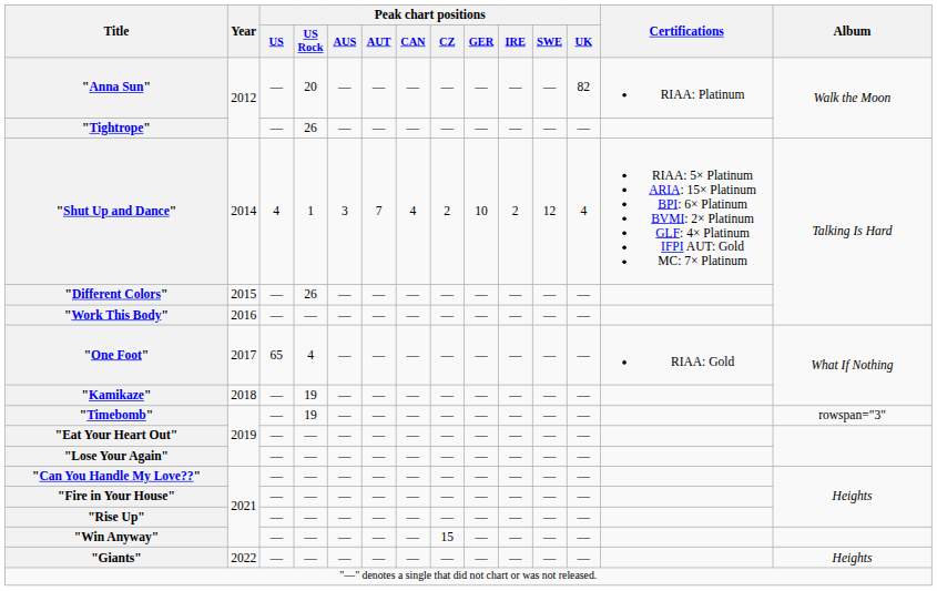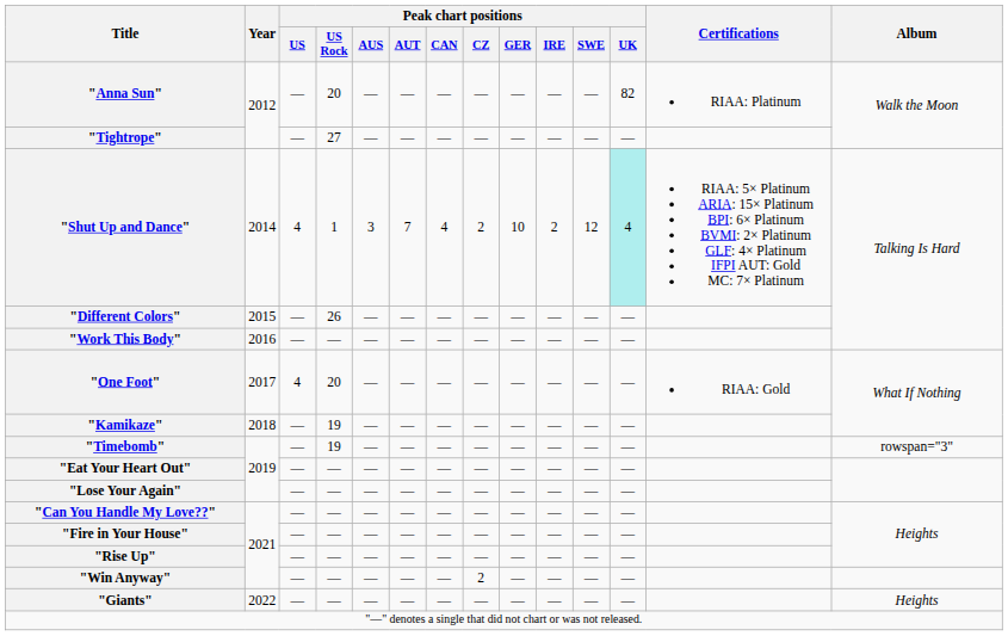 <table class="wikitable plainrowheaders" style="text-align:center;">
 <tr>
 <th scope="col" rowspan="2" style="width:17em;">Title</th>
 <th scope="col" rowspan="2" style="width:1em;">Year</th>
 <th scope="col" colspan="10">Peak chart positions</th>
 <th scope="col" rowspan="2" style="width:13em;"><a href='#'>Certifications</a></th>
 <th scope="col" rowspan="2" style="width:12em;">Album</th>
 </tr>
 <tr>
 <th scope="col" style="width:2.5em;font-size:90%;"><a href='#'>US</a><br></th>
 <th scope="col" style="width:2.5em;font-size:90%;"><a href='#'>US<br>Rock</a><br></th>
 <th scope="col" style="width:2.5em;font-size:90%;"><a href='#'>AUS</a><br></th>
 <th scope="col" style="width:2.5em;font-size:90%;"><a href='#'>AUT</a><br></th>
 <th scope="col" style="width:2.5em;font-size:90%;"><a href='#'>CAN</a><br></th>
 <th scope="col" style="width:2.5em;font-size:90%;"><a href='#'>CZ</a><br></th>
 <th scope="col" style="width:2.5em;font-size:90%;"><a href='#'>GER</a><br></th>
 <th scope="col" style="width:2.5em;font-size:90%;"><a href='#'>IRE</a><br></th>
 <th scope="col" style="width:2.5em;font-size:90%;"><a href='#'>SWE</a><br></th>
 <th scope="col" style="width:2.5em;font-size:90%;"><a href='#'>UK</a><br></th>
 </tr>
 <tr>
 <th scope="row">"<a href='#'>Anna Sun</a>"</th>
 <td rowspan="2">2012</td>
 <td>—</td>
 <td>20</td>
 <td>—</td>
 <td>—</td>
 <td>—</td>
 <td>—</td>
 <td>—</td>
 <td>—</td>
 <td>—</td>
 <td>82</td>
 <td><br><ul><li>RIAA: Platinum</li></ul></td>
 <td rowspan="2"><em>Walk the Moon</em></td>
 </tr>
 <tr>
 <th scope="row">"<a href='#'>Tightrope</a>"</th>
 <td>—</td>
-<td>26</td>
+<td>27</td>
 <td>—</td>
 <td>—</td>
 <td>—</td>
 <td>—</td>
 <td>—</td>
 <td>—</td>
 <td>—</td>
 <td>—</td>
 <td></td>
 </tr>
 <tr>
 <th scope="row">"<a href='#'>Shut Up and Dance</a>"</th>
 <td>2014</td>
 <td>4</td>
 <td>1</td>
 <td>3</td>
 <td>7</td>
 <td>4</td>
 <td>2</td>
 <td>10</td>
 <td>2</td>
 <td>12</td>
-<td>4</td>
+<td style="background: paleturquoise;">4</td>
 <td><br><ul><li>RIAA: 5× Platinum</li><li><a href='#'>ARIA</a>: 15× Platinum</li><li><a href='#'>BPI</a>: 6× Platinum</li><li><a href='#'>BVMI</a>: 2× Platinum</li><li><a href='#'>GLF</a>: 4× Platinum</li><li><a href='#'>IFPI</a> AUT: Gold</li><li>MC: 7× Platinum</li></ul></td>
 <td rowspan="3"><em>Talking Is Hard</em></td>
 </tr>
 <tr>
 <th scope="row">"<a href='#'>Different Colors</a>"</th>
 <td>2015</td>
 <td>—</td>
 <td>26</td>
 <td>—</td>
 <td>—</td>
 <td>—</td>
 <td>—</td>
 <td>—</td>
 <td>—</td>
 <td>—</td>
 <td>—</td>
 <td></td>
 </tr>
 <tr>
 <th scope="row">"<a href='#'>Work This Body</a>"</th>
 <td>2016</td>
 <td>—</td>
 <td>—</td>
 <td>—</td>
 <td>—</td>
 <td>—</td>
 <td>—</td>
 <td>—</td>
 <td>—</td>
 <td>—</td>
 <td>—</td>
 <td></td>
 </tr>
 <tr>
 <th scope="row">"<a href='#'>One Foot</a>"</th>
 <td rowspan="1">2017</td>
-<td>65</td>
 <td>4</td>
+<td>20</td>
 <td>—</td>
 <td>—</td>
 <td>—</td>
 <td>—</td>
 <td>—</td>
 <td>—</td>
 <td>—</td>
 <td>—</td>
 <td><br><ul><li>RIAA: Gold</li></ul></td>
 <td rowspan="2"><em>What If Nothing</em></td>
 </tr>
 <tr>
 <th scope="row">"<a href='#'>Kamikaze</a>"</th>
 <td rowspan="1">2018</td>
 <td>—</td>
 <td>19</td>
 <td>—</td>
 <td>—</td>
 <td>—</td>
 <td>—</td>
 <td>—</td>
 <td>—</td>
 <td>—</td>
 <td>—</td>
 <td></td>
 </tr>
 <tr>
 <th scope="row">"<a href='#'>Timebomb</a>"</th>
 <td rowspan="3">2019</td>
 <td>—</td>
 <td>19</td>
 <td>—</td>
 <td>—</td>
 <td>—</td>
 <td>—</td>
 <td>—</td>
 <td>—</td>
 <td>—</td>
 <td>—</td>
 <td></td>
 <td>rowspan="3" </td>
 </tr>
 <tr>
 <th scope="row">"Eat Your Heart Out"</th>
 <td>—</td>
 <td>—</td>
 <td>—</td>
 <td>—</td>
 <td>—</td>
 <td>—</td>
 <td>—</td>
 <td>—</td>
 <td>—</td>
 <td>—</td>
 <td></td>
 </tr>
 <tr>
 <th scope="row">"Lose Your Again"<br></th>
 <td>—</td>
 <td>—</td>
 <td>—</td>
 <td>—</td>
 <td>—</td>
 <td>—</td>
 <td>—</td>
 <td>—</td>
 <td>—</td>
 <td>—</td>
 <td></td>
 </tr>
 <tr>
 <th scope="row">"<a href='#'>Can You Handle My Love??</a>"</th>
 <td rowspan="4">2021</td>
 <td>—</td>
 <td>—</td>
 <td>—</td>
 <td>—</td>
 <td>—</td>
 <td>—</td>
 <td>—</td>
 <td>—</td>
 <td>—</td>
 <td>—</td>
 <td></td>
 <td rowspan="3"><em>Heights</em></td>
 </tr>
 <tr>
 <th scope="row">"Fire in Your House"<br></th>
 <td>—</td>
 <td>—</td>
 <td>—</td>
 <td>—</td>
 <td>—</td>
 <td>—</td>
 <td>—</td>
 <td>—</td>
 <td>—</td>
 <td>—</td>
 <td></td>
 </tr>
 <tr>
 <th scope="row">"Rise Up"</th>
 <td>—</td>
 <td>—</td>
 <td>—</td>
 <td>—</td>
 <td>—</td>
 <td>—</td>
 <td>—</td>
 <td>—</td>
 <td>—</td>
 <td>—</td>
 <td></td>
 </tr>
 <tr>
 <th scope="row">"Win Anyway"</th>
 <td>—</td>
 <td>—</td>
 <td>—</td>
 <td>—</td>
 <td>—</td>
-<td>15</td>
+<td>2</td>
 <td>—</td>
 <td>—</td>
 <td>—</td>
 <td>—</td>
 <td></td>
 <td></td>
 </tr>
 <tr>
 <th scope="row">"Giants"</th>
 <td>2022</td>
 <td>—</td>
 <td>—</td>
 <td>—</td>
 <td>—</td>
 <td>—</td>
 <td>—</td>
 <td>—</td>
 <td>—</td>
 <td>—</td>
 <td>—</td>
 <td></td>
 <td><em>Heights</em></td>
 </tr>
 <tr>
 <td colspan="20" style="font-size:85%;">"—" denotes a single that did not chart or was not released.</td>
 </tr>
 </table>
